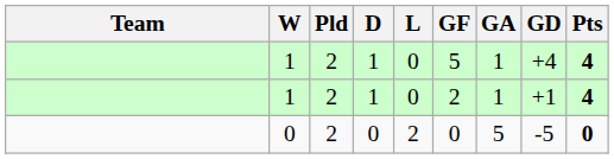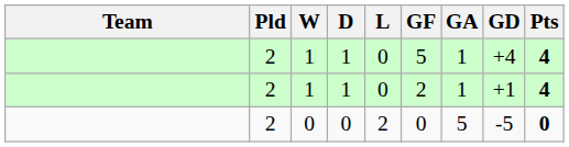 <table class="wikitable" style="text-align: center;">
 <tr>
 <th width="175">Team</th>
+<th width="20">Pld</th>
 <th width="20">W</th>
-<th width="20">Pld</th>
 <th width="20">D</th>
 <th width="20">L</th>
 <th width="20">GF</th>
 <th width="20">GA</th>
 <th width="20">GD</th>
 <th width="20">Pts</th>
 </tr>
 <tr bgcolor=#ccffcc>
 <td align=left></td>
+<td>2</td>
 <td>1</td>
-<td>2</td>
 <td>1</td>
 <td>0</td>
 <td>5</td>
 <td>1</td>
 <td>+4</td>
 <td><strong>4</strong></td>
 </tr>
 <tr bgcolor=#ccffcc>
 <td align=left></td>
+<td>2</td>
 <td>1</td>
-<td>2</td>
 <td>1</td>
 <td>0</td>
 <td>2</td>
 <td>1</td>
 <td>+1</td>
 <td><strong>4</strong></td>
 </tr>
 <tr>
 <td align=left></td>
+<td>2</td>
 <td>0</td>
-<td>2</td>
 <td>0</td>
 <td>2</td>
 <td>0</td>
 <td>5</td>
 <td>-5</td>
 <td><strong>0</strong></td>
 </tr>
 </table>
